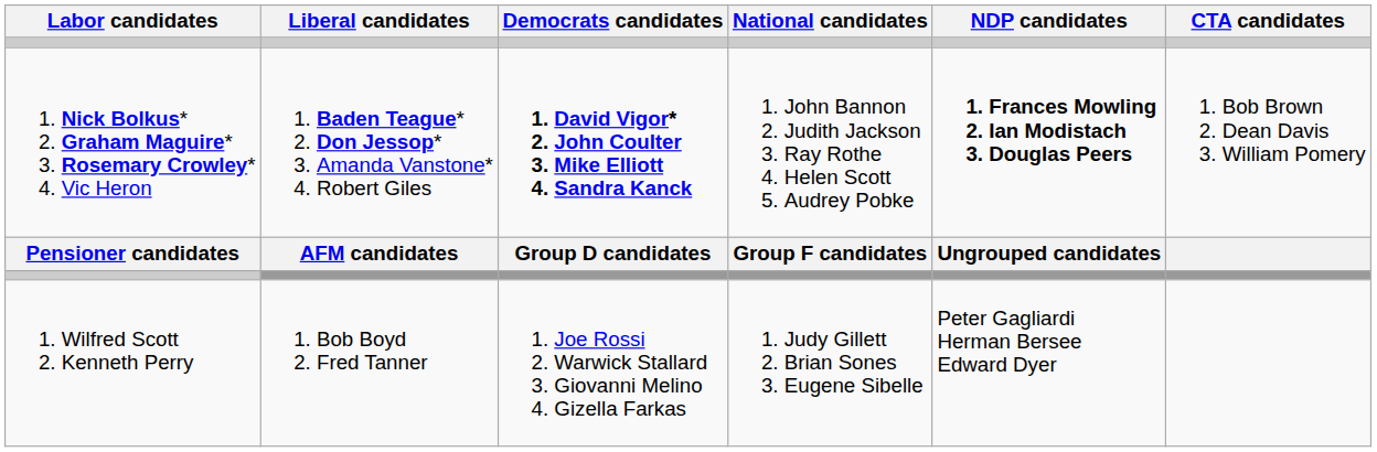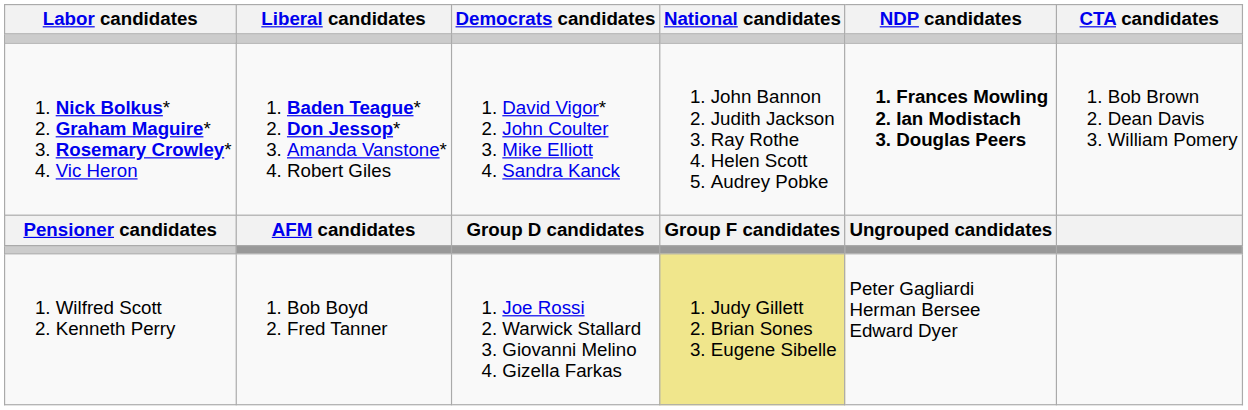 <table class="wikitable">
 <tr>
 <th><a href='#'>Labor</a> candidates</th>
 <th><a href='#'>Liberal</a> candidates</th>
 <th><a href='#'>Democrats</a> candidates</th>
 <th><a href='#'>National</a> candidates</th>
 <th><a href='#'>NDP</a> candidates</th>
 <th><a href='#'>CTA</a> candidates</th>
 </tr>
 <tr bgcolor="#cccccc">
 <td></td>
 <td></td>
 <td></td>
 <td></td>
 <td></td>
 <td></td>
 </tr>
 <tr>
 <td><br><ol><li><strong><a href='#'>Nick Bolkus</a></strong>*</li><li><strong><a href='#'>Graham Maguire</a></strong>*</li><li><strong><a href='#'>Rosemary Crowley</a></strong>*</li><li><a href='#'>Vic Heron</a></li></ol></td>
 <td><br><ol><li><strong><a href='#'>Baden Teague</a></strong>*</li><li><strong><a href='#'>Don Jessop</a></strong>*</li><li><a href='#'>Amanda Vanstone</a>*</li><li>Robert Giles</li></ol></td>
-<td><strong><br><ol><li><a href='#'>David Vigor</a>*</li><li><a href='#'>John Coulter</a></li><li><a href='#'>Mike Elliott</a></li><li><a href='#'>Sandra Kanck</a></li></ol></strong></td>
+<td><br><ol><li><a href='#'>David Vigor</a>*</li><li><a href='#'>John Coulter</a></li><li><a href='#'>Mike Elliott</a></li><li><a href='#'>Sandra Kanck</a></li></ol></td>
 <td valign=top><br><ol><li>John Bannon</li><li>Judith Jackson</li><li>Ray Rothe</li><li>Helen Scott</li><li>Audrey Pobke</li></ol></td>
 <td valign=top><strong><br><ol><li>Frances Mowling</li><li>Ian Modistach</li><li>Douglas Peers</li></ol></strong></td>
 <td valign=top><br><ol><li>Bob Brown</li><li>Dean Davis</li><li>William Pomery</li></ol></td>
 </tr>
 <tr bgcolor="#cccccc">
 <th><a href='#'>Pensioner</a> candidates</th>
 <th><a href='#'>AFM</a> candidates</th>
 <th>Group D candidates</th>
 <th>Group F candidates</th>
 <th>Ungrouped candidates</th>
 <th></th>
 </tr>
 <tr bgcolor="#cccccc">
 <td></td>
 <td bgcolor="#999999"></td>
 <td bgcolor="#999999"></td>
 <td bgcolor="#999999"></td>
 <td bgcolor="#999999"></td>
 <td bgcolor="#999999"></td>
 </tr>
 <tr>
 <td valign=top><br><ol><li>Wilfred Scott</li><li>Kenneth Perry</li></ol></td>
 <td valign=top><br><ol><li>Bob Boyd</li><li>Fred Tanner</li></ol></td>
 <td valign=top><br><ol><li><a href='#'>Joe Rossi</a></li><li>Warwick Stallard</li><li>Giovanni Melino</li><li>Gizella Farkas</li></ol></td>
-<td valign=top><br><ol><li>Judy Gillett</li><li>Brian Sones</li><li>Eugene Sibelle</li></ol></td>
+<td valign=top style="background: khaki;"><br><ol><li>Judy Gillett</li><li>Brian Sones</li><li>Eugene Sibelle</li></ol></td>
 <td valign=top><br>Peter Gagliardi<br> Herman Bersee<br> Edward Dyer</td>
 </tr>
 </table>
